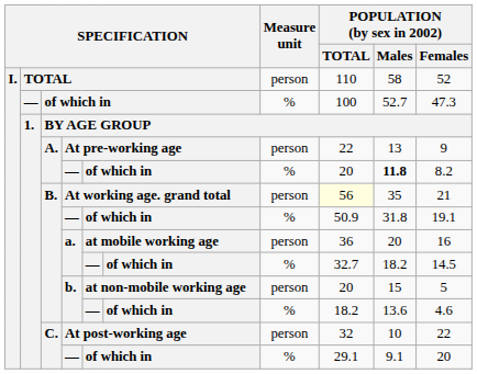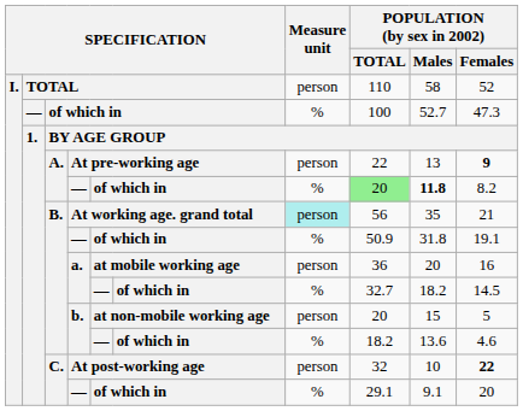 <table class="wikitable" style="font-size:85%; text-align:center">
 <tr>
 <th rowspan="2" colspan="6">SPECIFICATION</th>
 <th rowspan="2">Measure<br> unit</th>
 <th colspan="3" rowspan="1">POPULATION<br> (by sex in 2002)</th>
 </tr>
 <tr>
 <th>TOTAL</th>
 <th>Males</th>
 <th>Females</th>
 </tr>
 <tr>
 <th style="text-align:left" valign="top" rowspan="13">I.</th>
 <th style="text-align:left" colspan="5">TOTAL</th>
 <td>person</td>
 <td>110</td>
 <td>58</td>
 <td>52</td>
 </tr>
 <tr>
 <th style="text-align:left" valign="top">—</th>
 <th style="text-align:left" colspan="4">of which in</th>
 <td>%</td>
 <td>100</td>
 <td>52.7</td>
 <td>47.3</td>
 </tr>
 <tr>
 <th style="text-align:left" valign="top" rowspan="11">1.</th>
 <th style="text-align:left" colspan="19">BY AGE GROUP</th>
 </tr>
 <tr>
 <th style="text-align:left" valign="top" rowspan="2">A.</th>
 <th style="text-align:left" colspan="3">At pre-working age</th>
 <td>person</td>
 <td>22</td>
 <td>13</td>
-<td>9</td>
+<td><strong>9</strong></td>
 </tr>
 <tr>
 <th style="text-align:left" valign="top">—</th>
 <th style="text-align:left" valign="top" colspan="2">of which in</th>
 <td>%</td>
-<td>20</td>
+<td style="background: lightgreen;">20</td>
 <td><strong>11.8</strong></td>
 <td>8.2</td>
 </tr>
 <tr>
 <th style="text-align:left" valign="top" rowspan="6">B.</th>
 <th style="text-align:left" colspan="3">At working age. grand total</th>
-<td>person</td>
-<td style="background: lightyellow;">56</td>
+<td style="background: paleturquoise;">person</td>
+<td>56</td>
 <td>35</td>
 <td>21</td>
 </tr>
 <tr>
 <th style="text-align:left" valign="top">—</th>
 <th style="text-align:left" valign="top" colspan="2">of which in</th>
 <td>%</td>
 <td>50.9</td>
 <td>31.8</td>
 <td>19.1</td>
 </tr>
 <tr>
 <th style="text-align:left" valign="top" rowspan="2">a.</th>
 <th style="text-align:left" colspan="2">at mobile working age</th>
 <td>person</td>
 <td>36</td>
 <td>20</td>
 <td>16</td>
 </tr>
 <tr>
 <th style="text-align:left" valign="top">—</th>
 <th style="text-align:left" valign="top" colspan="1">of which in                        </th>
 <td>%</td>
 <td>32.7</td>
 <td>18.2</td>
 <td>14.5</td>
 </tr>
 <tr>
 <th style="text-align:left" valign="top" rowspan="2">b.</th>
 <th style="text-align:left" colspan="2">at non-mobile working age</th>
 <td>person</td>
 <td>20</td>
 <td>15</td>
 <td>5</td>
 </tr>
 <tr>
 <th style="text-align:left" valign="top">—</th>
 <th style="text-align:left" valign="top" colspan="1">of which in                        </th>
 <td>%</td>
 <td>18.2</td>
 <td>13.6</td>
 <td>4.6</td>
 </tr>
 <tr>
 <th style="text-align:left" valign="top" rowspan="2">C.</th>
 <th style="text-align:left" colspan="3">At post-working age</th>
 <td>person</td>
 <td>32</td>
 <td>10</td>
-<td>22</td>
+<td><strong>22</strong></td>
 </tr>
 <tr>
 <th style="text-align:left" valign="top">—</th>
 <th style="text-align:left" valign="top" colspan="2">of which in</th>
 <td>%</td>
 <td>29.1</td>
 <td>9.1</td>
 <td>20</td>
 </tr>
 </table>
